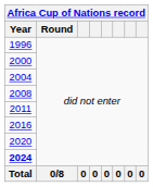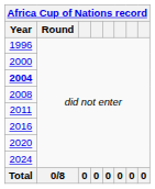 <table class="wikitable" style="text-align: center;font-size:90%;">
 <tr>
 <th colspan=8><a href='#'>Africa Cup of Nations record</a></th>
 </tr>
 <tr>
 <th>Year</th>
 <th>Round</th>
 <th></th>
 <th></th>
 <th></th>
 <th></th>
 <th></th>
 <th></th>
 </tr>
 <tr>
 <td> <a href='#'>1996</a></td>
 <td colspan=8 rowspan=8><em>did not enter</em></td>
 </tr>
 <tr>
 <td> <a href='#'>2000</a></td>
 </tr>
 <tr>
-<td> <a href='#'>2004</a></td>
+<td><strong> <a href='#'>2004</a></strong></td>
 </tr>
 <tr>
 <td> <a href='#'>2008</a></td>
 </tr>
 <tr>
 <td> <a href='#'>2011</a></td>
 </tr>
 <tr>
 <td> <a href='#'>2016</a></td>
 </tr>
 <tr>
 <td> <a href='#'>2020</a></td>
 </tr>
 <tr>
-<td><strong> <a href='#'>2024</a></strong></td>
+<td> <a href='#'>2024</a></td>
 </tr>
 <tr>
 <th>Total</th>
 <th>0/8</th>
 <th>0</th>
 <th>0</th>
 <th>0</th>
 <th>0</th>
 <th>0</th>
 <th>0</th>
 </tr>
 </table>
